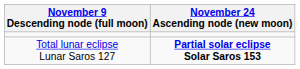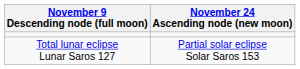 <table class="wikitable">
 <tr>
 <th><a href='#'>November 9</a><br>Descending node (full moon)<br></th>
 <th><a href='#'>November 24</a><br>Ascending node (new moon)<br></th>
 </tr>
 <tr>
 <td></td>
 <td></td>
 </tr>
 <tr align=center>
 <td><a href='#'>Total lunar eclipse</a><br>Lunar Saros 127</td>
-<td><strong><a href='#'>Partial solar eclipse</a><br>Solar Saros 153</strong></td>
+<td><a href='#'>Partial solar eclipse</a><br>Solar Saros 153</td>
 </tr>
 </table>
